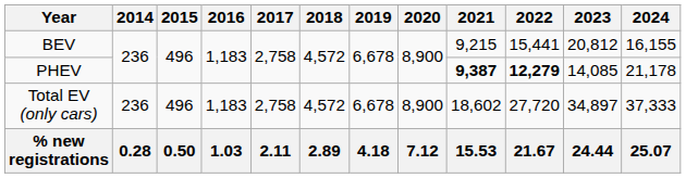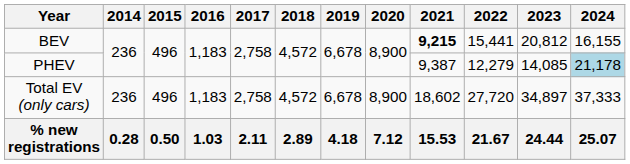 <table class="wikitable">
 <tr>
 <th>Year</th>
 <th>2014</th>
 <th>2015</th>
 <th>2016</th>
 <th>2017</th>
 <th>2018</th>
 <th>2019</th>
 <th>2020</th>
 <th>2021</th>
 <th>2022</th>
 <th>2023</th>
 <th>2024</th>
 </tr>
 <tr style="text-align:center;">
 <td>BEV</td>
 <td rowspan="2">236</td>
 <td rowspan="2">496</td>
 <td rowspan="2">1,183</td>
 <td rowspan="2">2,758</td>
 <td rowspan="2">4,572</td>
 <td rowspan="2">6,678</td>
 <td rowspan="2">8,900</td>
-<td>9,215</td>
+<td><strong>9,215</strong></td>
 <td>15,441</td>
 <td>20,812</td>
 <td>16,155</td>
 </tr>
 <tr style="text-align:center;">
 <td>PHEV</td>
-<td><strong>9,387</strong></td>
-<td><strong>12,279</strong></td>
+<td>9,387</td>
+<td>12,279</td>
 <td>14,085</td>
-<td>21,178</td>
+<td style="background: lightblue;">21,178</td>
 </tr>
 <tr style="text-align:center;">
 <td>Total EV<br><em>(only cars)</em></td>
 <td>236</td>
 <td>496</td>
 <td>1,183</td>
 <td>2,758</td>
 <td>4,572</td>
 <td>6,678</td>
 <td>8,900</td>
 <td>18,602</td>
 <td>27,720</td>
 <td>34,897</td>
 <td>37,333</td>
 </tr>
 <tr>
 <th style="text-align:center;">% new<br>registrations</th>
 <th>0.28</th>
 <th>0.50</th>
 <th>1.03</th>
 <th>2.11</th>
 <th>2.89</th>
 <th>4.18</th>
 <th>7.12</th>
 <th>15.53</th>
 <th>21.67</th>
 <th>24.44</th>
 <th>25.07</th>
 </tr>
 </table>
